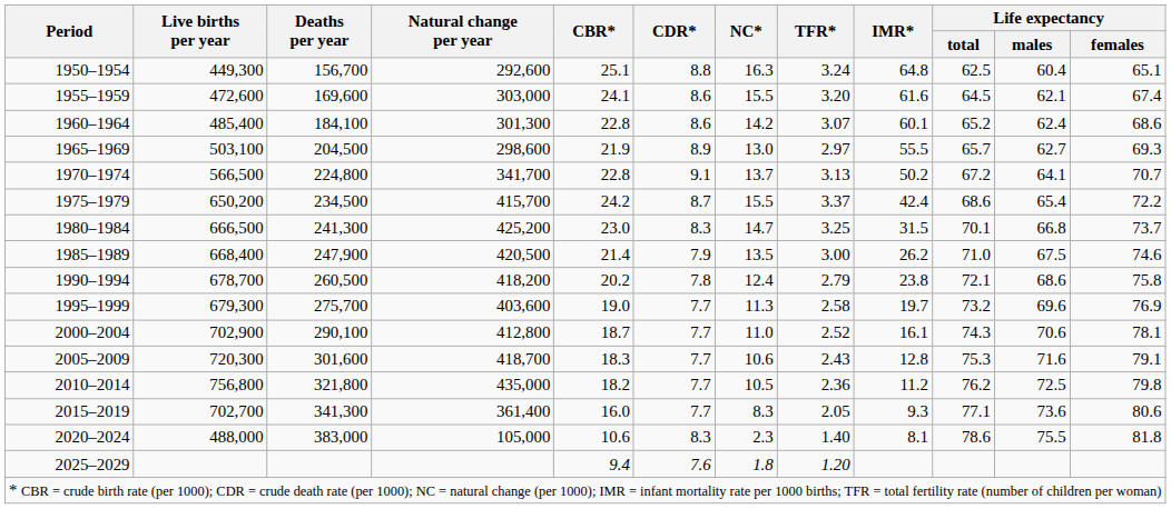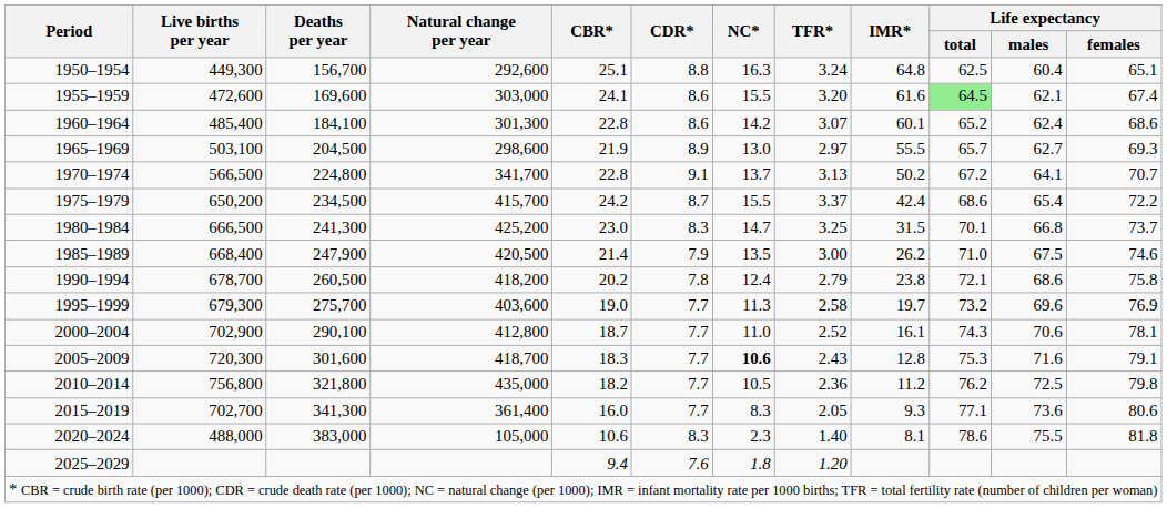 <table class="wikitable" style="text-align: right;">
 <tr>
 <th rowspan=2>Period</th>
 <th rowspan=2>Live births<br>per year</th>
 <th rowspan=2>Deaths<br>per year</th>
 <th rowspan=2>Natural change<br>per year</th>
 <th rowspan=2>CBR*</th>
 <th rowspan=2>CDR*</th>
 <th rowspan=2>NC*</th>
 <th rowspan=2>TFR*</th>
 <th rowspan=2>IMR*</th>
 <th colspan=3>Life expectancy</th>
 </tr>
 <tr>
 <th>total</th>
 <th>males</th>
 <th>females</th>
 </tr>
 <tr>
 <td>1950–1954</td>
 <td>449,300</td>
 <td>156,700</td>
 <td>292,600</td>
 <td>25.1</td>
 <td>8.8</td>
 <td>16.3</td>
 <td>3.24</td>
 <td>64.8</td>
 <td>62.5</td>
 <td>60.4</td>
 <td>65.1</td>
 </tr>
 <tr>
 <td>1955–1959</td>
 <td>472,600</td>
 <td>169,600</td>
 <td>303,000</td>
 <td>24.1</td>
 <td>8.6</td>
 <td>15.5</td>
 <td>3.20</td>
 <td>61.6</td>
-<td>64.5</td>
+<td style="background: lightgreen;">64.5</td>
 <td>62.1</td>
 <td>67.4</td>
 </tr>
 <tr>
 <td>1960–1964</td>
 <td>485,400</td>
 <td>184,100</td>
 <td>301,300</td>
 <td>22.8</td>
 <td>8.6</td>
 <td>14.2</td>
 <td>3.07</td>
 <td>60.1</td>
 <td>65.2</td>
 <td>62.4</td>
 <td>68.6</td>
 </tr>
 <tr>
 <td>1965–1969</td>
 <td>503,100</td>
 <td>204,500</td>
 <td>298,600</td>
 <td>21.9</td>
 <td>8.9</td>
 <td>13.0</td>
 <td>2.97</td>
 <td>55.5</td>
 <td>65.7</td>
 <td>62.7</td>
 <td>69.3</td>
 </tr>
 <tr>
 <td>1970–1974</td>
 <td>566,500</td>
 <td>224,800</td>
 <td>341,700</td>
 <td>22.8</td>
 <td>9.1</td>
 <td>13.7</td>
 <td>3.13</td>
 <td>50.2</td>
 <td>67.2</td>
 <td>64.1</td>
 <td>70.7</td>
 </tr>
 <tr>
 <td>1975–1979</td>
 <td>650,200</td>
 <td>234,500</td>
 <td>415,700</td>
 <td>24.2</td>
 <td>8.7</td>
 <td>15.5</td>
 <td>3.37</td>
 <td>42.4</td>
 <td>68.6</td>
 <td>65.4</td>
 <td>72.2</td>
 </tr>
 <tr>
 <td>1980–1984</td>
 <td>666,500</td>
 <td>241,300</td>
 <td>425,200</td>
 <td>23.0</td>
 <td>8.3</td>
 <td>14.7</td>
 <td>3.25</td>
 <td>31.5</td>
 <td>70.1</td>
 <td>66.8</td>
 <td>73.7</td>
 </tr>
 <tr>
 <td>1985–1989</td>
 <td>668,400</td>
 <td>247,900</td>
 <td>420,500</td>
 <td>21.4</td>
 <td>7.9</td>
 <td>13.5</td>
 <td>3.00</td>
 <td>26.2</td>
 <td>71.0</td>
 <td>67.5</td>
 <td>74.6</td>
 </tr>
 <tr>
 <td>1990–1994</td>
 <td>678,700</td>
 <td>260,500</td>
 <td>418,200</td>
 <td>20.2</td>
 <td>7.8</td>
 <td>12.4</td>
 <td>2.79</td>
 <td>23.8</td>
 <td>72.1</td>
 <td>68.6</td>
 <td>75.8</td>
 </tr>
 <tr>
 <td>1995–1999</td>
 <td>679,300</td>
 <td>275,700</td>
 <td>403,600</td>
 <td>19.0</td>
 <td>7.7</td>
 <td>11.3</td>
 <td>2.58</td>
 <td>19.7</td>
 <td>73.2</td>
 <td>69.6</td>
 <td>76.9</td>
 </tr>
 <tr>
 <td>2000–2004</td>
 <td>702,900</td>
 <td>290,100</td>
 <td>412,800</td>
 <td>18.7</td>
 <td>7.7</td>
 <td>11.0</td>
 <td>2.52</td>
 <td>16.1</td>
 <td>74.3</td>
 <td>70.6</td>
 <td>78.1</td>
 </tr>
 <tr>
 <td>2005–2009</td>
 <td>720,300</td>
 <td>301,600</td>
 <td>418,700</td>
 <td>18.3</td>
 <td>7.7</td>
-<td>10.6</td>
+<td><strong>10.6</strong></td>
 <td>2.43</td>
 <td>12.8</td>
 <td>75.3</td>
 <td>71.6</td>
 <td>79.1</td>
 </tr>
 <tr>
 <td>2010–2014</td>
 <td>756,800</td>
 <td>321,800</td>
 <td>435,000</td>
 <td>18.2</td>
 <td>7.7</td>
 <td>10.5</td>
 <td>2.36</td>
 <td>11.2</td>
 <td>76.2</td>
 <td>72.5</td>
 <td>79.8</td>
 </tr>
 <tr>
 <td>2015–2019</td>
 <td>702,700</td>
 <td>341,300</td>
 <td>361,400</td>
 <td>16.0</td>
 <td>7.7</td>
 <td>8.3</td>
 <td>2.05</td>
 <td>9.3</td>
 <td>77.1</td>
 <td>73.6</td>
 <td>80.6</td>
 </tr>
 <tr>
 <td>2020–2024</td>
 <td>488,000</td>
 <td>383,000</td>
 <td>105,000</td>
 <td>10.6</td>
 <td>8.3</td>
 <td>2.3</td>
 <td>1.40</td>
 <td>8.1</td>
 <td>78.6</td>
 <td>75.5</td>
 <td>81.8</td>
 </tr>
 <tr>
 <td>2025–2029</td>
 <td></td>
 <td></td>
 <td></td>
 <td><em>9.4</em></td>
 <td><em>7.6</em></td>
 <td><em>1.8</em></td>
 <td><em>1.20</em></td>
 <td></td>
 <td></td>
 <td></td>
 <td></td>
 </tr>
 <tr>
 <td align="left" colspan="12">* <small> CBR = crude birth rate (per 1000); CDR = crude death rate (per 1000); NC = natural change (per 1000); IMR = infant mortality rate per 1000 births; TFR = total fertility rate (number of children per woman)</small></td>
 </tr>
 </table>
